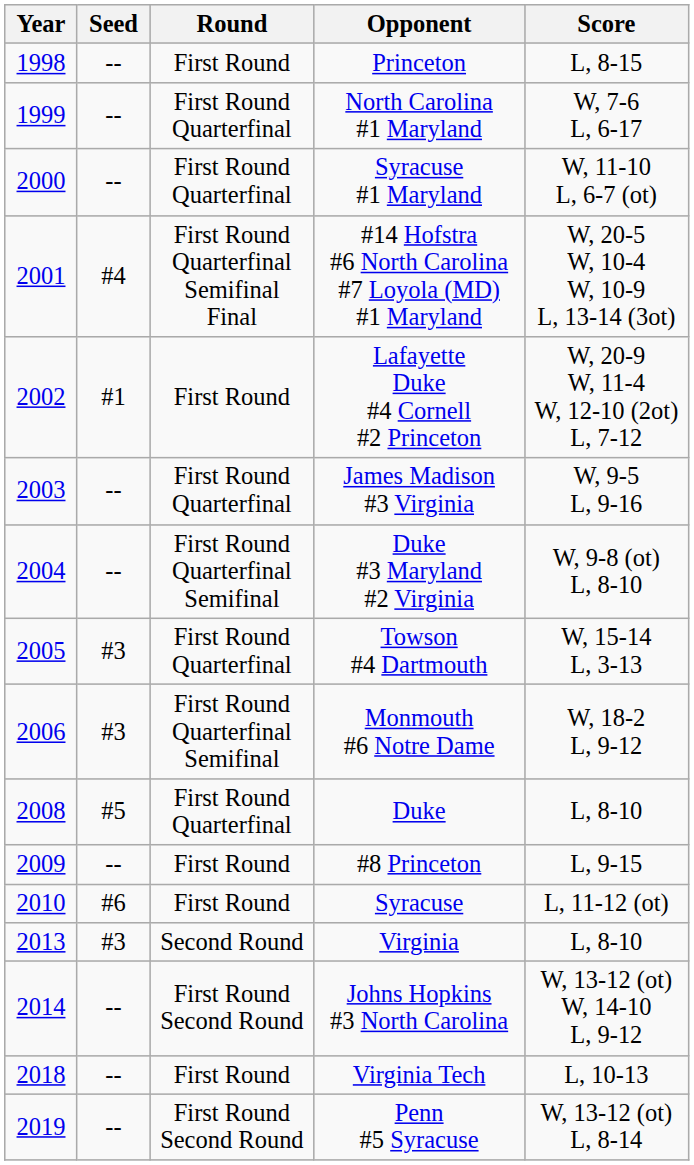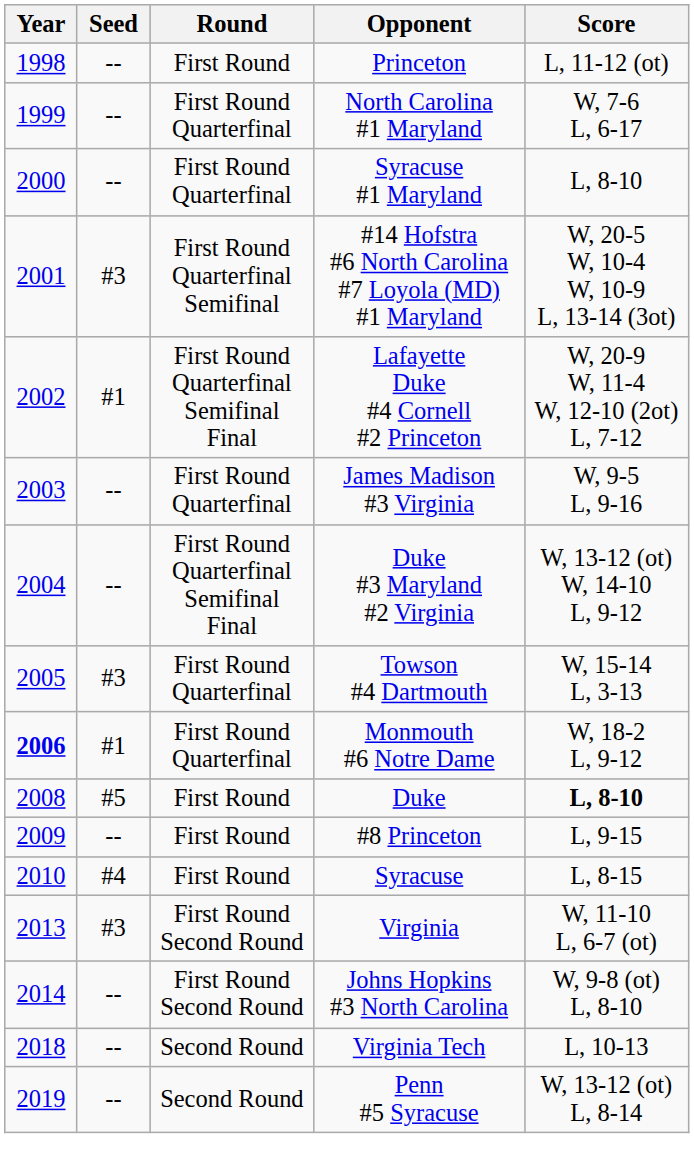 <table class="wikitable">
 <tr>
 <th style="width:40px; ">Year</th>
 <th style="width:40px; ">Seed</th>
 <th style="width:100px; ">Round</th>
 <th style="width:130px; ">Opponent</th>
 <th style="width:100px; ">Score</th>
 </tr>
 <tr align="center">
 <td><a href='#'>1998</a></td>
 <td>--</td>
 <td>First Round</td>
 <td><a href='#'>Princeton</a></td>
-<td>L, 8-15</td>
+<td>L, 11-12 (ot)</td>
 </tr>
 <tr align="center">
 <td><a href='#'>1999</a></td>
 <td>--</td>
 <td>First Round<br>Quarterfinal</td>
 <td><a href='#'>North Carolina</a><br>#1 <a href='#'>Maryland</a></td>
 <td>W, 7-6<br>L, 6-17</td>
 </tr>
 <tr align="center">
 <td><a href='#'>2000</a></td>
 <td>--</td>
 <td>First Round<br>Quarterfinal</td>
 <td><a href='#'>Syracuse</a><br>#1 <a href='#'>Maryland</a></td>
-<td>W, 11-10<br>L, 6-7 (ot)</td>
+<td>L, 8-10</td>
 </tr>
 <tr align="center">
 <td><a href='#'>2001</a></td>
-<td>#4</td>
-<td>First Round<br>Quarterfinal<br>Semifinal<br>Final</td>
+<td>#3</td>
+<td>First Round<br>Quarterfinal<br>Semifinal</td>
 <td>#14 <a href='#'>Hofstra</a><br>#6 <a href='#'>North Carolina</a><br>#7 <a href='#'>Loyola (MD)</a><br>#1 <a href='#'>Maryland</a></td>
 <td>W, 20-5<br>W, 10-4<br>W, 10-9<br>L, 13-14 (3ot)</td>
 </tr>
 <tr align="center">
 <td><a href='#'>2002</a></td>
 <td>#1</td>
-<td>First Round</td>
+<td>First Round<br>Quarterfinal<br>Semifinal<br>Final</td>
 <td><a href='#'>Lafayette</a><br><a href='#'>Duke</a><br>#4 <a href='#'>Cornell</a><br>#2 <a href='#'>Princeton</a></td>
 <td>W, 20-9<br>W, 11-4<br>W, 12-10 (2ot)<br>L, 7-12</td>
 </tr>
 <tr align="center">
 <td><a href='#'>2003</a></td>
 <td>--</td>
 <td>First Round<br>Quarterfinal</td>
 <td><a href='#'>James Madison</a><br>#3 <a href='#'>Virginia</a></td>
 <td>W, 9-5<br>L, 9-16</td>
 </tr>
 <tr align="center">
 <td><a href='#'>2004</a></td>
 <td>--</td>
-<td>First Round<br>Quarterfinal<br>Semifinal</td>
+<td>First Round<br>Quarterfinal<br>Semifinal<br>Final</td>
 <td><a href='#'>Duke</a><br>#3 <a href='#'>Maryland</a><br>#2 <a href='#'>Virginia</a></td>
-<td>W, 9-8 (ot)<br>L, 8-10</td>
+<td>W, 13-12 (ot)<br>W, 14-10<br>L, 9-12</td>
 </tr>
 <tr align="center">
 <td><a href='#'>2005</a></td>
 <td>#3</td>
 <td>First Round<br>Quarterfinal</td>
 <td><a href='#'>Towson</a><br>#4 <a href='#'>Dartmouth</a></td>
 <td>W, 15-14<br>L, 3-13</td>
 </tr>
 <tr align="center">
-<td><a href='#'>2006</a></td>
-<td>#3</td>
-<td>First Round<br>Quarterfinal<br>Semifinal</td>
+<td><strong><a href='#'>2006</a></strong></td>
+<td>#1</td>
+<td>First Round<br>Quarterfinal</td>
 <td><a href='#'>Monmouth</a><br>#6 <a href='#'>Notre Dame</a></td>
 <td>W, 18-2<br>L, 9-12</td>
 </tr>
 <tr align="center">
 <td><a href='#'>2008</a></td>
 <td>#5</td>
-<td>First Round<br>Quarterfinal</td>
+<td>First Round</td>
 <td><a href='#'>Duke</a></td>
-<td>L, 8-10</td>
+<td><strong>L, 8-10</strong></td>
 </tr>
 <tr align="center">
 <td><a href='#'>2009</a></td>
 <td>--</td>
 <td>First Round</td>
 <td>#8 <a href='#'>Princeton</a></td>
 <td>L, 9-15</td>
 </tr>
 <tr align="center">
 <td><a href='#'>2010</a></td>
-<td>#6</td>
+<td>#4</td>
 <td>First Round</td>
 <td><a href='#'>Syracuse</a></td>
-<td>L, 11-12 (ot)</td>
+<td>L, 8-15</td>
 </tr>
 <tr align="center">
 <td><a href='#'>2013</a></td>
 <td>#3</td>
-<td>Second Round</td>
+<td>First Round<br>Second Round</td>
 <td><a href='#'>Virginia</a></td>
-<td>L, 8-10</td>
+<td>W, 11-10<br>L, 6-7 (ot)</td>
 </tr>
 <tr align="center">
 <td><a href='#'>2014</a></td>
 <td>--</td>
 <td>First Round<br>Second Round</td>
 <td><a href='#'>Johns Hopkins</a><br>#3 <a href='#'>North Carolina</a></td>
-<td>W, 13-12 (ot)<br>W, 14-10<br>L, 9-12</td>
+<td>W, 9-8 (ot)<br>L, 8-10</td>
 </tr>
 <tr align="center">
 <td><a href='#'>2018</a></td>
 <td>--</td>
-<td>First Round</td>
+<td>Second Round</td>
 <td><a href='#'>Virginia Tech</a></td>
 <td>L, 10-13</td>
 </tr>
 <tr align="center">
 <td><a href='#'>2019</a></td>
 <td>--</td>
-<td>First Round<br>Second Round</td>
+<td>Second Round</td>
 <td><a href='#'>Penn</a><br>#5 <a href='#'>Syracuse</a></td>
 <td>W, 13-12 (ot)<br>L, 8-14</td>
 </tr>
 </table>
